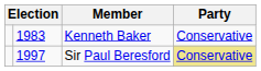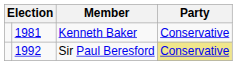 <table class="wikitable">
 <tr>
 <th colspan="2">Election</th>
 <th>Member</th>
 <th>Party</th>
 </tr>
 <tr>
 <td style="color:inherit;background-color: "></td>
-<td><a href='#'>1983</a></td>
+<td><a href='#'>1981</a></td>
 <td><a href='#'>Kenneth Baker</a></td>
 <td><a href='#'>Conservative</a></td>
 </tr>
 <tr>
 <td style="color:inherit;background-color: "></td>
-<td><a href='#'>1997</a></td>
+<td><a href='#'>1992</a></td>
 <td>Sir <a href='#'>Paul Beresford</a></td>
 <td style="background: khaki;"><a href='#'>Conservative</a></td>
 </tr>
 </table>
